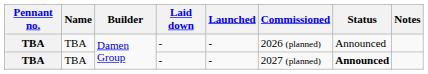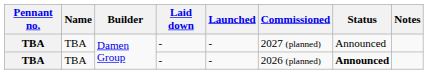 <table class="sortable wikitable" border="1">
 <tr>
 <th scope="col"><a href='#'>Pennant no.</a></th>
 <th scope="col">Name</th>
 <th scope="col">Builder</th>
 <th scope="col"><a href='#'>Laid down</a></th>
 <th scope="col"><a href='#'>Launched</a></th>
 <th scope="col"><a href='#'>Commissioned</a></th>
 <th scope="col">Status</th>
 <th scope="col">Notes</th>
 </tr>
 <tr>
 <th scope="row">TBA</th>
 <td>TBA</td>
 <td rowspan=2 align=left><a href='#'>Damen Group</a></td>
 <td>-</td>
 <td>-</td>
-<td>2026 <small>(planned)</small></td>
+<td>2027 <small>(planned)</small></td>
 <td>Announced</td>
 <td></td>
 </tr>
 <tr>
 <th scope="row">TBA</th>
 <td>TBA</td>
 <td>-</td>
 <td>-</td>
-<td>2027 <small>(planned)</small></td>
+<td>2026 <small>(planned)</small></td>
 <td><strong>Announced</strong></td>
 <td></td>
 </tr>
 </table>
